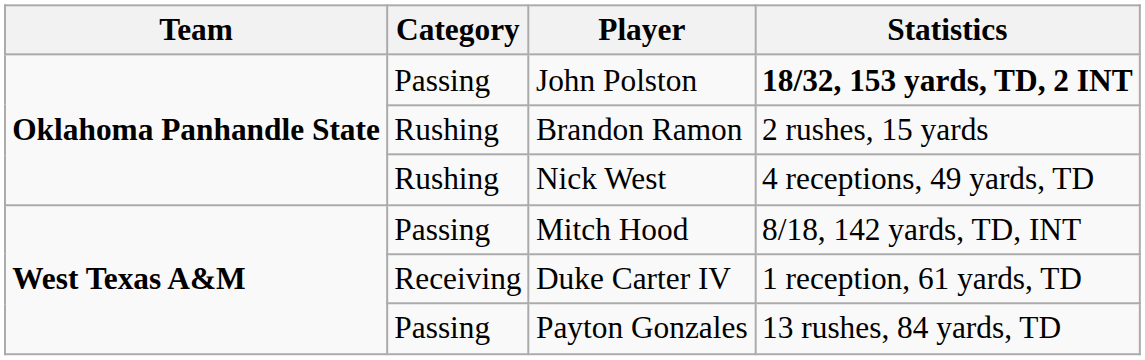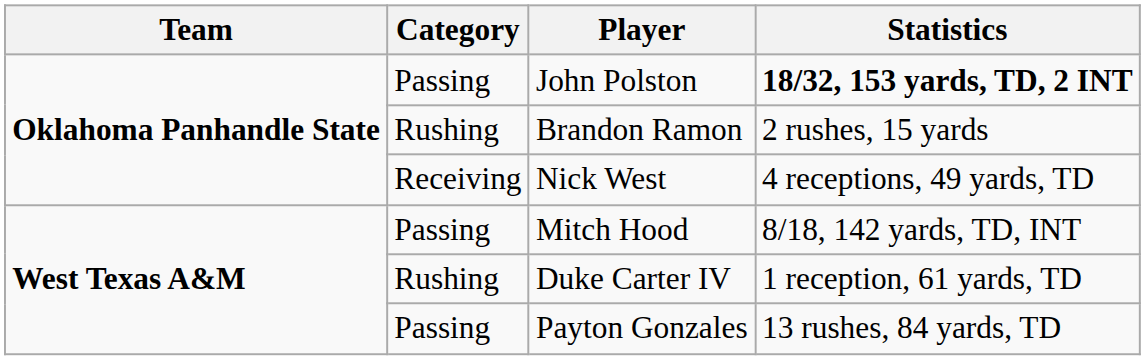 <table class="wikitable" style="float: left;">
 <tr>
 <th>Team</th>
 <th>Category</th>
 <th>Player</th>
 <th>Statistics</th>
 </tr>
 <tr>
 <td rowspan=3><strong>Oklahoma Panhandle State</strong></td>
 <td>Passing</td>
 <td>John Polston</td>
 <td><strong>18/32, 153 yards, TD, 2 INT</strong></td>
 </tr>
 <tr>
 <td>Rushing</td>
 <td>Brandon Ramon</td>
 <td>2 rushes, 15 yards</td>
 </tr>
 <tr>
-<td>Rushing</td>
+<td>Receiving</td>
 <td>Nick West</td>
 <td>4 receptions, 49 yards, TD</td>
 </tr>
 <tr>
 <td rowspan=3><strong>West Texas A&M</strong></td>
 <td>Passing</td>
 <td>Mitch Hood</td>
 <td>8/18, 142 yards, TD, INT</td>
 </tr>
 <tr>
-<td>Receiving</td>
+<td>Rushing</td>
 <td>Duke Carter IV</td>
 <td>1 reception, 61 yards, TD</td>
 </tr>
 <tr>
 <td>Passing</td>
 <td>Payton Gonzales</td>
 <td>13 rushes, 84 yards, TD</td>
 </tr>
 </table>
